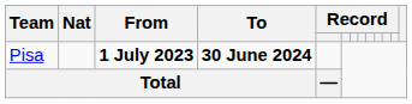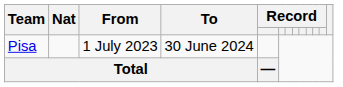 <table class="wikitable" style="text-align: center">
 <tr>
 <th rowspan="2">Team</th>
 <th rowspan="2">Nat</th>
 <th rowspan="2">From</th>
 <th rowspan="2">To</th>
 <th colspan="8">Record</th>
 <th rowspan=2></th>
 </tr>
 <tr>
 <th></th>
 <th></th>
 <th></th>
 <th></th>
 <th></th>
 <th></th>
 <th></th>
 <th></th>
 </tr>
 <tr>
 <td align=left><a href='#'>Pisa</a></td>
 <td></td>
-<td align=left><strong>1 July 2023</strong></td>
-<td align=left><strong>30 June 2024<br></strong></td>
+<td align=left>1 July 2023</td>
+<td align=left>30 June 2024<br></td>
 <td></td>
 </tr>
 <tr>
 <th colspan="4">Total<br></th>
 <th>—</th>
 </tr>
 </table>
